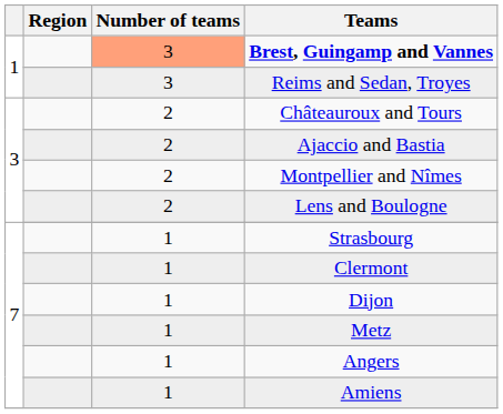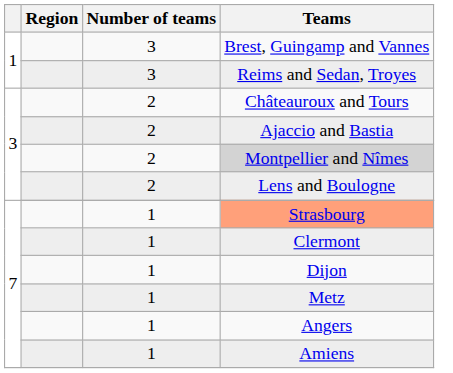 <table class="wikitable">
 <tr>
 <th></th>
 <th>Region</th>
 <th>Number of teams</th>
 <th>Teams</th>
 </tr>
 <tr>
 <td rowspan=2 bgcolor=white>1</td>
 <td></td>
-<td align=center style="background: lightsalmon;">3</td>
-<td align=center><strong><a href='#'>Brest</a>, <a href='#'>Guingamp</a> and <a href='#'>Vannes</a></strong></td>
+<td align=center>3</td>
+<td align=center><a href='#'>Brest</a>, <a href='#'>Guingamp</a> and <a href='#'>Vannes</a></td>
 </tr>
 <tr bgcolor="EEEEEE">
 <td></td>
 <td align=center>3</td>
 <td align=center><a href='#'>Reims</a> and <a href='#'>Sedan</a>, <a href='#'>Troyes</a></td>
 </tr>
 <tr>
 <td rowspan=4 bgcolor=white>3</td>
 <td></td>
 <td align=center>2</td>
 <td align=center><a href='#'>Châteauroux</a> and <a href='#'>Tours</a></td>
 </tr>
 <tr bgcolor="EEEEEE">
 <td></td>
 <td align=center>2</td>
 <td align=center><a href='#'>Ajaccio</a> and <a href='#'>Bastia</a></td>
 </tr>
 <tr>
 <td></td>
 <td align=center>2</td>
-<td align=center><a href='#'>Montpellier</a> and <a href='#'>Nîmes</a></td>
+<td align=center style="background: lightgrey;"><a href='#'>Montpellier</a> and <a href='#'>Nîmes</a></td>
 </tr>
 <tr bgcolor="EEEEEE">
 <td></td>
 <td align=center>2</td>
 <td align=center><a href='#'>Lens</a> and <a href='#'>Boulogne</a></td>
 </tr>
 <tr>
 <td rowspan=7 bgcolor=white>7</td>
 </tr>
 <tr>
 <td></td>
 <td align=center>1</td>
-<td align=center><a href='#'>Strasbourg</a></td>
+<td align=center style="background: lightsalmon;"><a href='#'>Strasbourg</a></td>
 </tr>
 <tr bgcolor="EEEEEE">
 <td></td>
 <td align=center>1</td>
 <td align=center><a href='#'>Clermont</a></td>
 </tr>
 <tr>
 <td></td>
 <td align=center>1</td>
 <td align=center><a href='#'>Dijon</a></td>
 </tr>
 <tr bgcolor="EEEEEE">
 <td></td>
 <td align=center>1</td>
 <td align=center><a href='#'>Metz</a></td>
 </tr>
 <tr>
 <td></td>
 <td align=center>1</td>
 <td align=center><a href='#'>Angers</a></td>
 </tr>
 <tr bgcolor="EEEEEE">
 <td></td>
 <td align=center>1</td>
 <td align=center><a href='#'>Amiens</a></td>
 </tr>
 <tr>
 </tr>
 </table>
